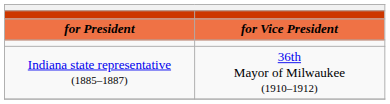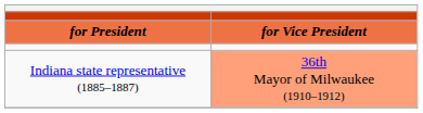 <table class="wikitable" style="font-size:90%; text-align:center;">
 <tr>
 <td style="background:#f1f1f1;" colspan="30"></td>
 </tr>
 <tr>
 <th style="width:3em; font-size:135%; background:#CD3700; width:200px;"><a href='#'></a></th>
 <th style="width:3em; font-size:135%; background:#CD3700; width:200px;"><a href='#'></a></th>
 </tr>
 <tr style="color:#000; font-size:100%; background:#EF7245;">
 <td style="width:3em; width:200px;"><strong><em>for President</em></strong></td>
 <td style="width:3em; width:200px;"><strong><em>for Vice President</em></strong></td>
 </tr>
 <tr>
 <td></td>
 <td></td>
 </tr>
 <tr>
 <td><a href='#'>Indiana state representative</a><br><small>(1885–1887)</small></td>
-<td><a href='#'>36th</a><br>Mayor of Milwaukee<br><small>(1910–1912)</small></td>
+<td style="background: lightsalmon;"><a href='#'>36th</a><br>Mayor of Milwaukee<br><small>(1910–1912)</small></td>
 </tr>
 <tr>
 </tr>
 </table>
